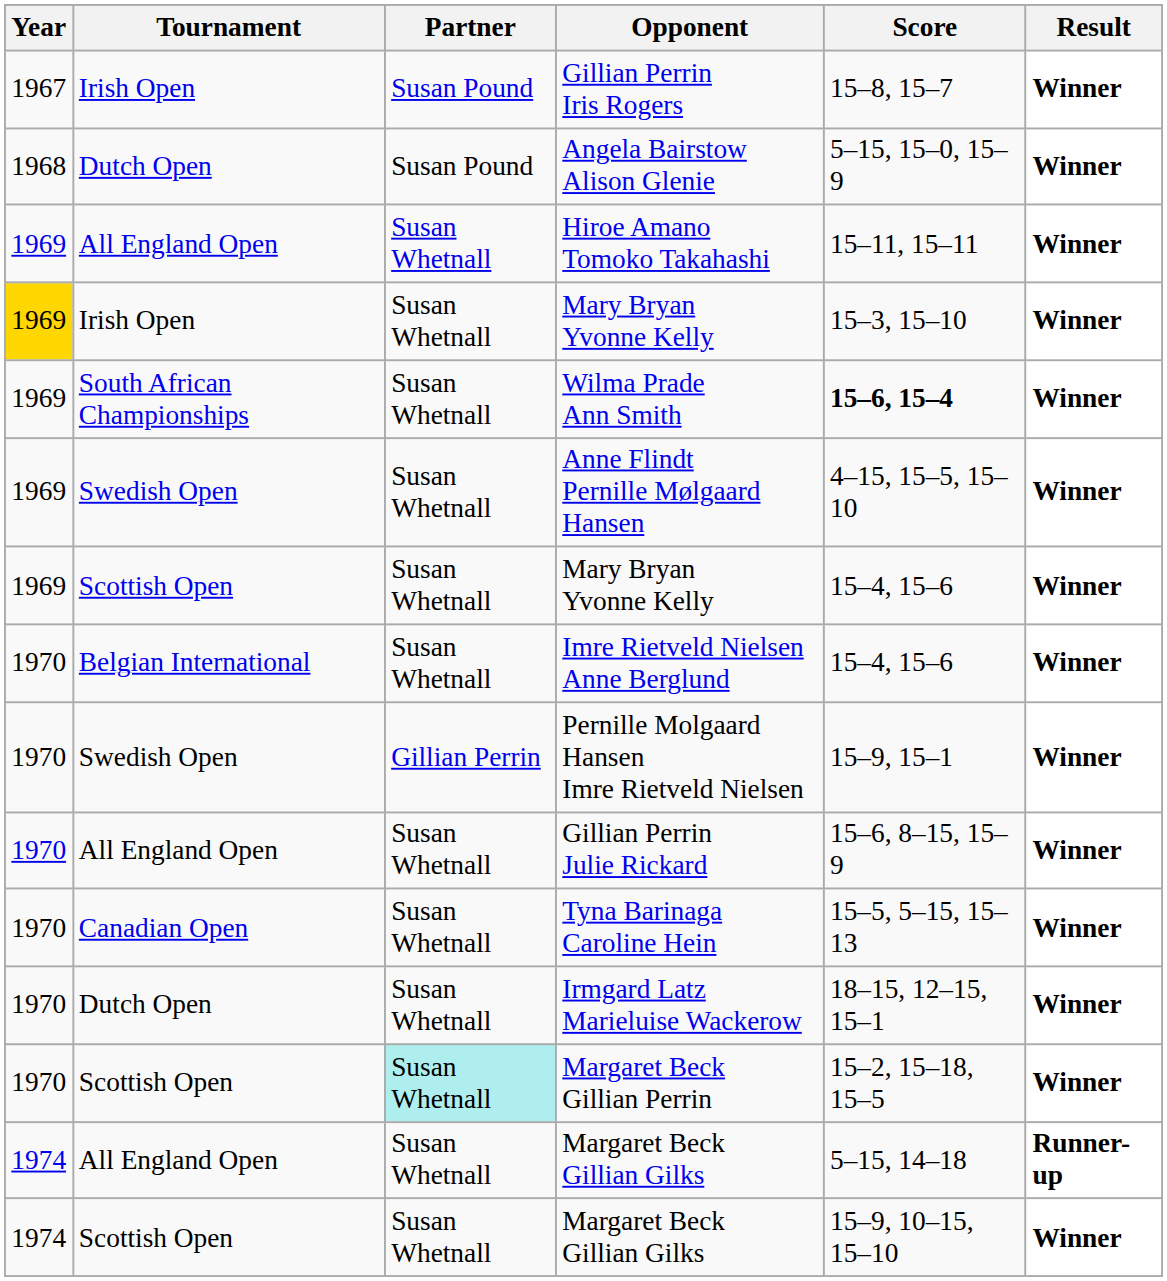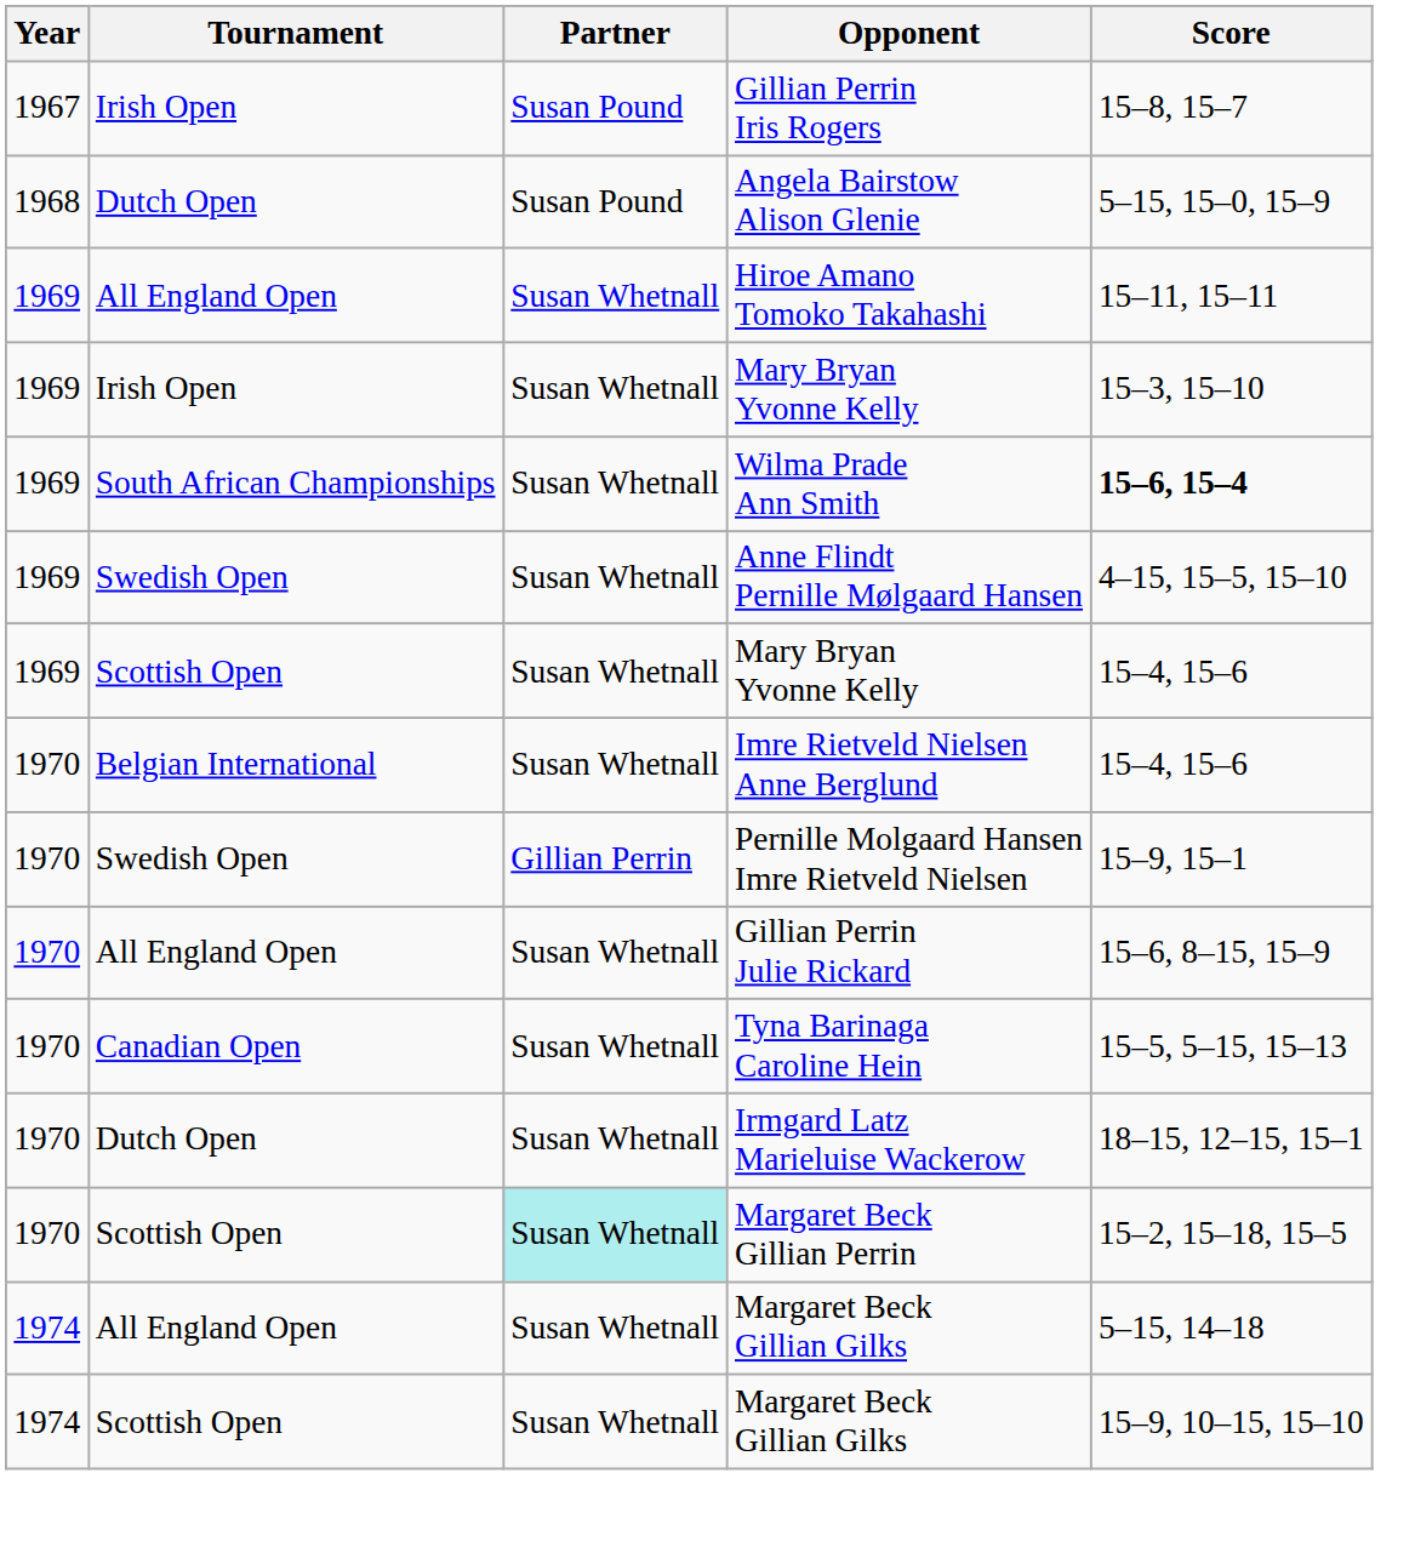 <table class="sortable wikitable" style="font-size: 90%;">
 <tr>
 <th>Year</th>
 <th>Tournament</th>
 <th>Partner</th>
 <th>Opponent</th>
 <th>Score</th>
-<th>Result</th>
 </tr>
 <tr>
 <td align="center">1967</td>
 <td align="left"><a href='#'>Irish Open</a></td>
 <td align="left"> <a href='#'>Susan Pound</a></td>
 <td align="left"> <a href='#'>Gillian Perrin</a><br> <a href='#'>Iris Rogers</a></td>
 <td align="left">15–8, 15–7</td>
-<td style="text-align:left; background:white"> <strong>Winner</strong></td>
 </tr>
 <tr>
 <td align="center">1968</td>
 <td align="left"><a href='#'>Dutch Open</a></td>
 <td align="left"> Susan Pound</td>
 <td align="left"> <a href='#'>Angela Bairstow</a> <br>  <a href='#'>Alison Glenie</a></td>
 <td align="left">5–15, 15–0, 15–9</td>
-<td style="text-align:left; background:white"> <strong>Winner</strong></td>
 </tr>
 <tr>
 <td align="center"><a href='#'>1969</a></td>
 <td align="left"><a href='#'>All England Open</a></td>
 <td align="left"> <a href='#'>Susan Whetnall</a></td>
 <td align="left"> <a href='#'>Hiroe Amano</a><br> <a href='#'>Tomoko Takahashi</a></td>
 <td align="left">15–11, 15–11</td>
-<td style="text-align:left; background:white"> <strong>Winner</strong></td>
 </tr>
 <tr>
-<td align="center" style="background: gold;">1969</td>
+<td align="center">1969</td>
 <td align="left">Irish Open</td>
 <td align="left"> Susan Whetnall</td>
 <td align="left"> <a href='#'>Mary Bryan</a><br> <a href='#'>Yvonne Kelly</a></td>
 <td align="left">15–3, 15–10</td>
-<td style="text-align:left; background:white"> <strong>Winner</strong></td>
 </tr>
 <tr>
 <td align="center">1969</td>
 <td align="left"><a href='#'>South African Championships</a></td>
 <td align="left"> Susan Whetnall</td>
 <td align="left"> <a href='#'>Wilma Prade</a> <br>  <a href='#'>Ann Smith</a></td>
 <td align="left"><strong>15–6, 15–4</strong></td>
-<td style="text-align:left; background:white"> <strong>Winner</strong></td>
 </tr>
 <tr>
 <td align="center">1969</td>
 <td align="left"><a href='#'>Swedish Open</a></td>
 <td align="left"> Susan Whetnall</td>
 <td align="left"> <a href='#'>Anne Flindt</a><br> <a href='#'>Pernille Mølgaard Hansen</a></td>
 <td align="left">4–15, 15–5, 15–10</td>
-<td style="text-align:left; background:white"> <strong>Winner</strong></td>
 </tr>
 <tr>
 <td align="center">1969</td>
 <td align="left"><a href='#'>Scottish Open</a></td>
 <td align="left"> Susan Whetnall</td>
 <td align="left"> Mary Bryan<br> Yvonne Kelly</td>
 <td align="left">15–4, 15–6</td>
-<td style="text-align:left; background:white"> <strong>Winner</strong></td>
 </tr>
 <tr>
 <td align="center">1970</td>
 <td align="left"><a href='#'>Belgian International</a></td>
 <td align="left"> Susan Whetnall</td>
 <td align="left"> <a href='#'>Imre Rietveld Nielsen</a><br> <a href='#'>Anne Berglund</a></td>
 <td align="left">15–4, 15–6</td>
-<td style="text-align:left; background:white"> <strong>Winner</strong></td>
 </tr>
 <tr>
 <td align="center">1970</td>
 <td align="left">Swedish Open</td>
 <td align="left"> <a href='#'>Gillian Perrin</a></td>
 <td align="left"> Pernille Molgaard Hansen<br> Imre Rietveld Nielsen</td>
 <td align="left">15–9, 15–1</td>
-<td style="text-align:left; background:white"> <strong>Winner</strong></td>
 </tr>
 <tr>
 <td align="center"><a href='#'>1970</a></td>
 <td align="left">All England Open</td>
 <td align="left"> Susan Whetnall</td>
 <td align="left"> Gillian Perrin<br> <a href='#'>Julie Rickard</a></td>
 <td align="left">15–6, 8–15, 15–9</td>
-<td style="text-align:left; background:white"> <strong>Winner</strong></td>
 </tr>
 <tr>
 <td align="center">1970</td>
 <td align="left"><a href='#'>Canadian Open</a></td>
 <td align="left"> Susan Whetnall</td>
 <td align="left"> <a href='#'>Tyna Barinaga</a><br> <a href='#'>Caroline Hein</a></td>
 <td align="left">15–5, 5–15, 15–13</td>
-<td style="text-align:left; background:white"> <strong>Winner</strong></td>
 </tr>
 <tr>
 <td align="center">1970</td>
 <td align="left">Dutch Open</td>
 <td align="left"> Susan Whetnall</td>
 <td align="left"> <a href='#'>Irmgard Latz</a><br> <a href='#'>Marieluise Wackerow</a></td>
 <td align="left">18–15, 12–15, 15–1</td>
-<td style="text-align:left; background:white"> <strong>Winner</strong></td>
 </tr>
 <tr>
 <td align="center">1970</td>
 <td align="left">Scottish Open</td>
 <td align="left" style="background: paleturquoise;"> Susan Whetnall</td>
 <td align="left"> <a href='#'>Margaret Beck</a><br> Gillian Perrin</td>
 <td align="left">15–2, 15–18, 15–5</td>
-<td style="text-align:left; background:white"> <strong>Winner</strong></td>
 </tr>
 <tr>
 <td align="center"><a href='#'>1974</a></td>
 <td align="left">All England Open</td>
 <td align="left"> Susan Whetnall</td>
 <td align="left"> Margaret Beck<br> <a href='#'>Gillian Gilks</a></td>
 <td align="left">5–15, 14–18</td>
-<td style="text-align:left; background:white"> <strong>Runner-up</strong></td>
 </tr>
 <tr>
 <td align="center">1974</td>
 <td align="left">Scottish Open</td>
 <td align="left"> Susan Whetnall</td>
 <td align="left"> Margaret Beck<br> Gillian Gilks</td>
 <td align="left">15–9, 10–15, 15–10</td>
-<td style="text-align:left; background:white"> <strong>Winner</strong></td>
 </tr>
 </table>
